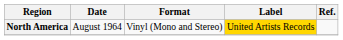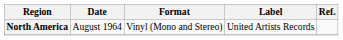 <table class="wikitable plainrowheaders">
 <tr>
 <th scope="col">Region</th>
 <th scope="col">Date</th>
 <th scope="col">Format</th>
 <th scope="col">Label</th>
 <th scope="col">Ref.</th>
 </tr>
 <tr>
 <th scope="row">North America</th>
 <td>August 1964</td>
 <td>Vinyl (Mono and Stereo)</td>
-<td style="background: gold;">United Artists Records</td>
+<td>United Artists Records</td>
 <td></td>
 </tr>
 <tr>
 </tr>
 </table>
